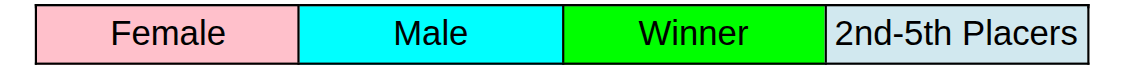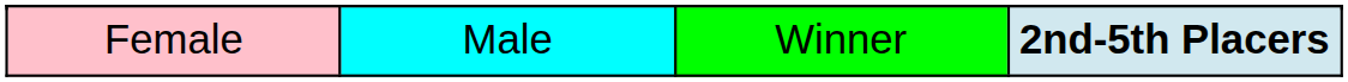 <table border="2" cellpadding="4" style="margin:1em auto; background:white; border:1px solid black; border-collapse:collapse; text-align:center">
 <tr>
 </tr>
 <tr>
 </tr>
 <tr>
 <td style="background:pink;" width="25%">Female</td>
 <td style="background:cyan;" width="25%">Male</td>
 <td style="background:lime;" width="25%">Winner</td>
-<td style="background:#D1E8EF;" width="25%">2nd-5th Placers</td>
+<td style="background:#D1E8EF;" width="25%"><strong>2nd-5th Placers</strong></td>
 </tr>
 </table>
